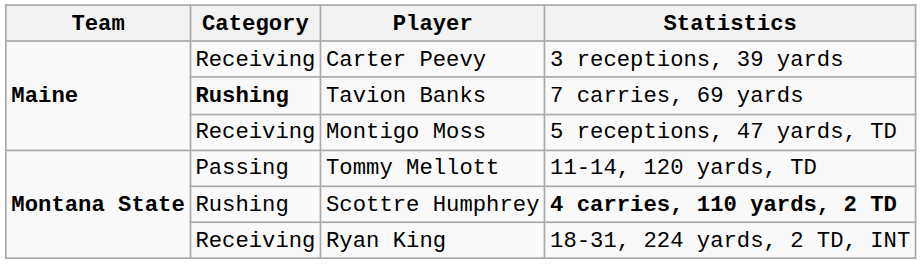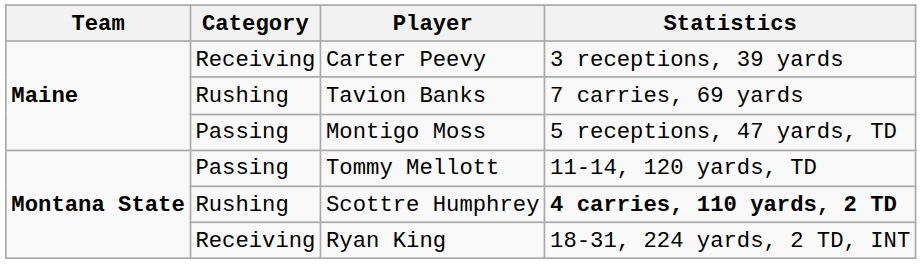 <table class="wikitable" style="float: right;">
 <tr>
 <th>Team</th>
 <th>Category</th>
 <th>Player</th>
 <th>Statistics</th>
 </tr>
 <tr>
 <td rowspan=3><strong>Maine</strong></td>
 <td>Receiving</td>
 <td>Carter Peevy</td>
 <td>3 receptions, 39 yards</td>
 </tr>
 <tr>
-<td><strong>Rushing</strong></td>
+<td>Rushing</td>
 <td>Tavion Banks</td>
 <td>7 carries, 69 yards</td>
 </tr>
 <tr>
-<td>Receiving</td>
+<td>Passing</td>
 <td>Montigo Moss</td>
 <td>5 receptions, 47 yards, TD</td>
 </tr>
 <tr>
 <td rowspan=3><strong>Montana State</strong></td>
 <td>Passing</td>
 <td>Tommy Mellott</td>
 <td>11-14, 120 yards, TD</td>
 </tr>
 <tr>
 <td>Rushing</td>
 <td>Scottre Humphrey</td>
 <td><strong>4 carries, 110 yards, 2 TD</strong></td>
 </tr>
 <tr>
 <td>Receiving</td>
 <td>Ryan King</td>
 <td>18-31, 224 yards, 2 TD, INT</td>
 </tr>
 </table>
